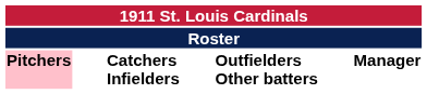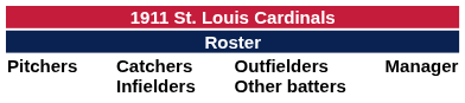 <table class="toccolours" style="font-size: 95%;">
 <tr>
 <th colspan="10" style="background-color: #c41c3a; color: white; text-align: center;">1911 St. Louis Cardinals</th>
 </tr>
 <tr>
 <td colspan="10" style="background-color: #0a2252; color: white; text-align: center;"><strong>Roster</strong></td>
 </tr>
 <tr>
-<td valign="top" style="background: pink;"><strong>Pitchers</strong><br>                 </td>
+<td valign="top"><strong>Pitchers</strong><br>                 </td>
 <td width="25px"></td>
 <td valign="top"><strong>Catchers</strong><br>   <strong>Infielders</strong>         </td>
 <td width="25px"></td>
 <td valign="top"><strong>Outfielders</strong><br>       <strong>Other batters</strong> </td>
 <td width="25px"></td>
 <td valign="top"><strong>Manager</strong><br></td>
 </tr>
 </table>
